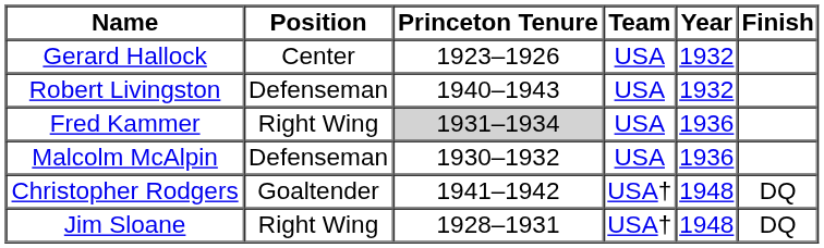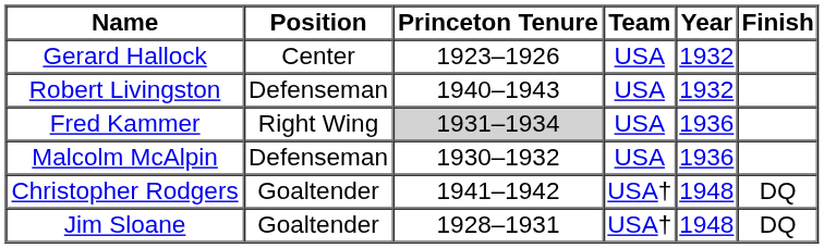 <table cellpadding="1" border="1" cellspacing="0" width="60%">
 <tr>
 <th>Name</th>
 <th>Position</th>
 <th>Princeton Tenure</th>
 <th>Team</th>
 <th>Year</th>
 <th>Finish</th>
 </tr>
 <tr align="center">
 <td><a href='#'>Gerard Hallock</a></td>
 <td>Center</td>
 <td>1923–1926</td>
 <td> <a href='#'>USA</a></td>
 <td><a href='#'>1932</a></td>
 <td></td>
 </tr>
 <tr align="center">
 <td><a href='#'>Robert Livingston</a></td>
 <td>Defenseman</td>
 <td>1940–1943</td>
 <td> <a href='#'>USA</a></td>
 <td><a href='#'>1932</a></td>
 <td></td>
 </tr>
 <tr align="center">
 <td><a href='#'>Fred Kammer</a></td>
 <td>Right Wing</td>
 <td style="background: lightgrey;">1931–1934</td>
 <td> <a href='#'>USA</a></td>
 <td><a href='#'>1936</a></td>
 <td></td>
 </tr>
 <tr align="center">
 <td><a href='#'>Malcolm McAlpin</a></td>
 <td>Defenseman</td>
 <td>1930–1932</td>
 <td> <a href='#'>USA</a></td>
 <td><a href='#'>1936</a></td>
 <td></td>
 </tr>
 <tr align="center">
 <td><a href='#'>Christopher Rodgers</a></td>
 <td>Goaltender</td>
 <td>1941–1942</td>
 <td> <a href='#'>USA</a>†</td>
 <td><a href='#'>1948</a></td>
 <td>DQ</td>
 </tr>
 <tr align="center">
 <td><a href='#'>Jim Sloane</a></td>
-<td>Right Wing</td>
+<td>Goaltender</td>
 <td>1928–1931</td>
 <td> <a href='#'>USA</a>†</td>
 <td><a href='#'>1948</a></td>
 <td>DQ</td>
 </tr>
 </table>
